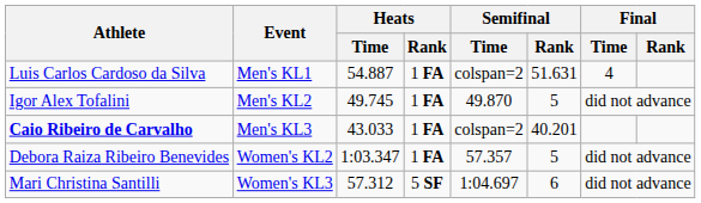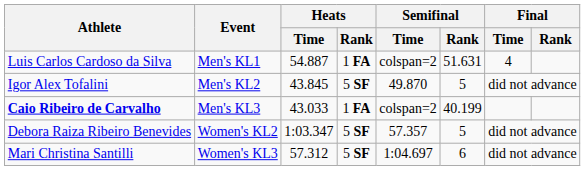 <table class="wikitable" style="font-size:90%">
 <tr>
 <th rowspan="2">Athlete</th>
 <th rowspan="2">Event</th>
 <th colspan="2">Heats</th>
 <th colspan="2">Semifinal</th>
 <th colspan="2">Final</th>
 </tr>
 <tr>
 <th>Time</th>
 <th>Rank</th>
 <th>Time</th>
 <th>Rank</th>
 <th>Time</th>
 <th>Rank</th>
 </tr>
 <tr>
 <td><a href='#'>Luis Carlos Cardoso da Silva</a></td>
 <td><a href='#'>Men's KL1</a></td>
 <td align="center">54.887</td>
 <td align="center">1 <strong>FA</strong></td>
 <td>colspan=2 </td>
 <td align="center">51.631</td>
 <td align="center">4</td>
 </tr>
 <tr>
 <td><a href='#'>Igor Alex Tofalini</a></td>
 <td><a href='#'>Men's KL2</a></td>
-<td align="center">49.745</td>
-<td align="center">1 <strong>FA</strong></td>
+<td align="center">43.845</td>
+<td align="center">5 <strong>SF</strong></td>
 <td align="center">49.870</td>
 <td align="center">5</td>
 <td align="center" colspan=2>did not advance</td>
 </tr>
 <tr>
 <td><strong><a href='#'>Caio Ribeiro de Carvalho</a></strong></td>
 <td><a href='#'>Men's KL3</a></td>
 <td align="center">43.033</td>
 <td align="center">1 <strong>FA</strong></td>
 <td>colspan=2 </td>
-<td align="center">40.201</td>
+<td align="center">40.199</td>
 <td align="center"></td>
 </tr>
 <tr>
 <td><a href='#'>Debora Raiza Ribeiro Benevides</a></td>
 <td><a href='#'>Women's KL2</a></td>
 <td align="center">1:03.347</td>
-<td align="center">1 <strong>FA</strong></td>
+<td align="center">5 <strong>SF</strong></td>
 <td align="center">57.357</td>
 <td align="center">5</td>
 <td align="center" colspan=2>did not advance</td>
 </tr>
 <tr>
 <td><a href='#'>Mari Christina Santilli</a></td>
 <td><a href='#'>Women's KL3</a></td>
 <td align="center">57.312</td>
 <td align="center">5 <strong>SF</strong></td>
 <td align="center">1:04.697</td>
 <td align="center">6</td>
 <td align="center" colspan=2>did not advance</td>
 </tr>
 </table>
